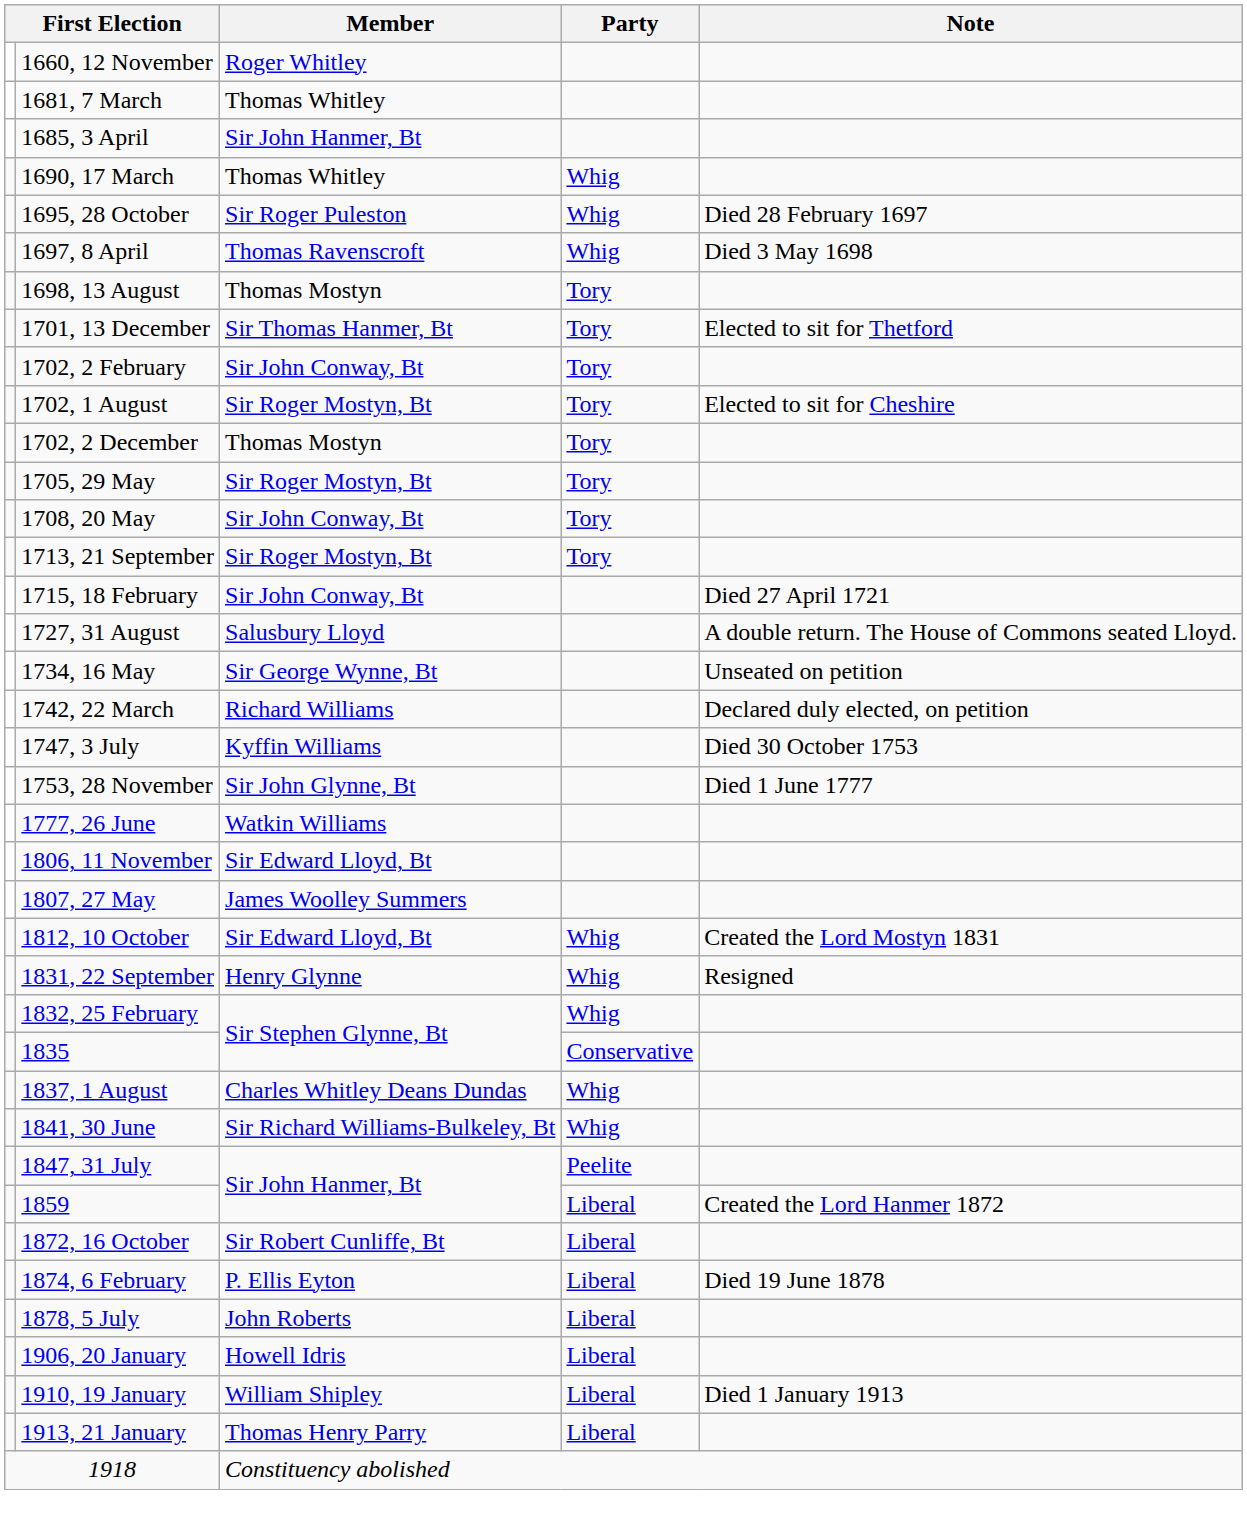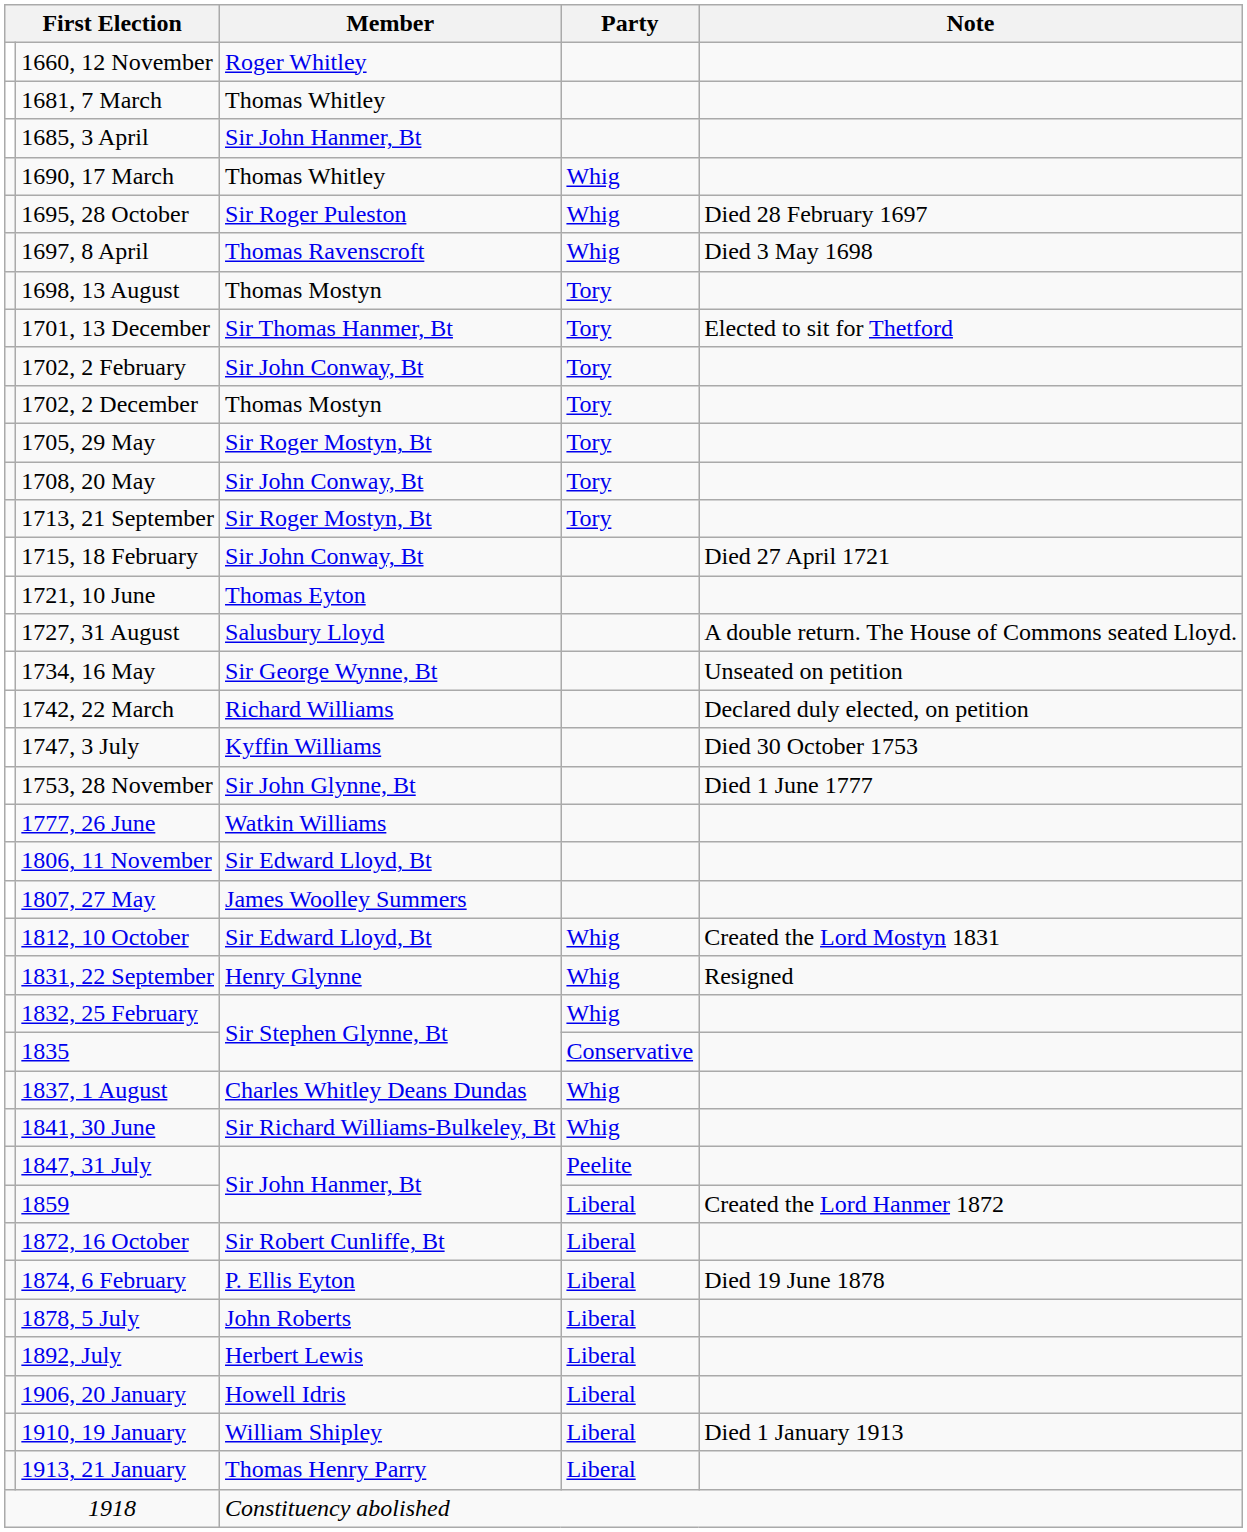 <table class="wikitable">
 <tr>
 <th colspan="2">First Election</th>
 <th>Member</th>
 <th>Party</th>
 <th>Note</th>
 </tr>
 <tr>
 <td style="color:inherit;background-color: white"></td>
 <td>1660, 12 November</td>
 <td><a href='#'>Roger Whitley</a></td>
 <td></td>
 <td></td>
 </tr>
 <tr>
 <td style="color:inherit;background-color: white"></td>
 <td>1681, 7 March</td>
 <td>Thomas Whitley</td>
 <td></td>
 <td></td>
 </tr>
 <tr>
 <td style="color:inherit;background-color: white"></td>
 <td>1685, 3 April</td>
 <td><a href='#'>Sir John Hanmer, Bt</a></td>
 <td></td>
 <td></td>
 </tr>
 <tr>
 <td style="color:inherit;background-color: "></td>
 <td>1690, 17 March</td>
 <td>Thomas Whitley</td>
 <td><a href='#'>Whig</a></td>
 <td></td>
 </tr>
 <tr>
 <td style="color:inherit;background-color: "></td>
 <td>1695, 28 October</td>
 <td><a href='#'>Sir Roger Puleston</a></td>
 <td><a href='#'>Whig</a></td>
 <td>Died 28 February 1697</td>
 </tr>
 <tr>
 <td style="color:inherit;background-color: "></td>
 <td>1697, 8 April</td>
 <td><a href='#'>Thomas Ravenscroft</a></td>
 <td><a href='#'>Whig</a></td>
 <td>Died 3 May 1698</td>
 </tr>
 <tr>
 <td style="color:inherit;background-color: "></td>
 <td>1698, 13 August</td>
 <td>Thomas Mostyn</td>
 <td><a href='#'>Tory</a></td>
 <td></td>
 </tr>
 <tr>
 <td style="color:inherit;background-color: "></td>
 <td>1701, 13 December</td>
 <td><a href='#'>Sir Thomas Hanmer, Bt</a></td>
 <td><a href='#'>Tory</a></td>
 <td>Elected to sit for <a href='#'>Thetford</a></td>
 </tr>
 <tr>
 <td style="color:inherit;background-color: "></td>
 <td>1702, 2 February</td>
 <td><a href='#'>Sir John Conway, Bt</a></td>
 <td><a href='#'>Tory</a></td>
 <td></td>
 </tr>
 <tr>
 <td style="color:inherit;background-color: "></td>
-<td>1702, 1 August</td>
-<td><a href='#'>Sir Roger Mostyn, Bt</a></td>
-<td><a href='#'>Tory</a></td>
-<td>Elected to sit for <a href='#'>Cheshire</a></td>
-</tr>
-<tr>
-<td style="color:inherit;background-color: "></td>
 <td>1702, 2 December</td>
 <td>Thomas Mostyn</td>
 <td><a href='#'>Tory</a></td>
 <td></td>
 </tr>
 <tr>
 <td style="color:inherit;background-color: "></td>
 <td>1705, 29 May</td>
 <td><a href='#'>Sir Roger Mostyn, Bt</a></td>
 <td><a href='#'>Tory</a></td>
 <td></td>
 </tr>
 <tr>
 <td style="color:inherit;background-color: "></td>
 <td>1708, 20 May</td>
 <td><a href='#'>Sir John Conway, Bt</a></td>
 <td><a href='#'>Tory</a></td>
 <td></td>
 </tr>
 <tr>
 <td style="color:inherit;background-color: "></td>
 <td>1713, 21 September</td>
 <td><a href='#'>Sir Roger Mostyn, Bt</a></td>
 <td><a href='#'>Tory</a></td>
 <td></td>
 </tr>
 <tr>
 <td style="color:inherit;background-color: white"></td>
 <td>1715, 18 February</td>
 <td><a href='#'>Sir John Conway, Bt</a></td>
 <td></td>
 <td>Died 27 April 1721</td>
+</tr>
+<tr>
+<td style="color:inherit;background-color: white"></td>
+<td>1721, 10 June</td>
+<td><a href='#'>Thomas Eyton</a></td>
+<td></td>
+<td></td>
 </tr>
 <tr>
 <td style="color:inherit;background-color: white"></td>
 <td>1727, 31 August</td>
 <td><a href='#'>Salusbury Lloyd</a></td>
 <td></td>
 <td>A double return. The House of Commons seated Lloyd.</td>
 </tr>
 <tr>
 <td style="color:inherit;background-color: white"></td>
 <td>1734, 16 May</td>
 <td><a href='#'>Sir George Wynne, Bt</a></td>
 <td></td>
 <td>Unseated on petition</td>
 </tr>
 <tr>
 <td style="color:inherit;background-color: white"></td>
 <td>1742, 22 March</td>
 <td><a href='#'>Richard Williams</a></td>
 <td></td>
 <td>Declared duly elected, on petition</td>
 </tr>
 <tr>
 <td style="color:inherit;background-color: white"></td>
 <td>1747, 3 July</td>
 <td><a href='#'>Kyffin Williams</a></td>
 <td></td>
 <td>Died 30 October 1753</td>
 </tr>
 <tr>
 <td style="color:inherit;background-color: white"></td>
 <td>1753, 28 November</td>
 <td><a href='#'>Sir John Glynne, Bt</a></td>
 <td></td>
 <td>Died 1 June 1777</td>
 </tr>
 <tr>
 <td style="color:inherit;background-color: white"></td>
 <td><a href='#'>1777, 26 June</a></td>
 <td><a href='#'>Watkin Williams</a></td>
 <td></td>
 <td></td>
 </tr>
 <tr>
 <td style="color:inherit;background-color: white"></td>
 <td><a href='#'>1806, 11 November</a></td>
 <td><a href='#'>Sir Edward Lloyd, Bt</a></td>
 <td></td>
 <td></td>
 </tr>
 <tr>
 <td style="color:inherit;background-color: white"></td>
 <td><a href='#'>1807, 27 May</a></td>
 <td><a href='#'>James Woolley Summers</a></td>
 <td></td>
 <td></td>
 </tr>
 <tr>
 <td style="color:inherit;background-color: "></td>
 <td><a href='#'>1812, 10 October</a></td>
 <td><a href='#'>Sir Edward Lloyd, Bt</a></td>
 <td><a href='#'>Whig</a></td>
 <td>Created the <a href='#'>Lord Mostyn</a> 1831</td>
 </tr>
 <tr>
 <td style="color:inherit;background-color: "></td>
 <td><a href='#'>1831, 22 September</a></td>
 <td><a href='#'>Henry Glynne</a></td>
 <td><a href='#'>Whig</a></td>
 <td>Resigned</td>
 </tr>
 <tr>
 <td style="color:inherit;background-color: "></td>
 <td><a href='#'>1832, 25 February</a></td>
 <td rowspan="2"><a href='#'>Sir Stephen Glynne, Bt</a></td>
 <td><a href='#'>Whig</a></td>
 <td></td>
 </tr>
 <tr>
 <td style="color:inherit;background-color: "></td>
 <td><a href='#'>1835</a></td>
 <td><a href='#'>Conservative</a></td>
 <td></td>
 </tr>
 <tr>
 <td style="color:inherit;background-color: "></td>
 <td><a href='#'>1837, 1 August</a></td>
 <td><a href='#'>Charles Whitley Deans Dundas</a></td>
 <td><a href='#'>Whig</a></td>
 <td></td>
 </tr>
 <tr>
 <td style="color:inherit;background-color: "></td>
 <td><a href='#'>1841, 30 June</a></td>
 <td><a href='#'>Sir Richard Williams-Bulkeley, Bt</a></td>
 <td><a href='#'>Whig</a></td>
 <td></td>
 </tr>
 <tr>
 <td style="color:inherit;background-color: "></td>
 <td><a href='#'>1847, 31 July</a></td>
 <td rowspan="2"><a href='#'>Sir John Hanmer, Bt</a></td>
 <td><a href='#'>Peelite</a></td>
 <td></td>
 </tr>
 <tr>
 <td style="color:inherit;background-color: "></td>
 <td><a href='#'>1859</a></td>
 <td><a href='#'>Liberal</a></td>
 <td>Created the <a href='#'>Lord Hanmer</a> 1872</td>
 </tr>
 <tr>
 <td style="color:inherit;background-color: "></td>
 <td><a href='#'>1872, 16 October</a></td>
 <td><a href='#'>Sir Robert Cunliffe, Bt</a></td>
 <td><a href='#'>Liberal</a></td>
 <td></td>
 </tr>
 <tr>
 <td style="color:inherit;background-color: "></td>
 <td><a href='#'>1874, 6 February</a></td>
 <td><a href='#'>P. Ellis Eyton</a></td>
 <td><a href='#'>Liberal</a></td>
 <td>Died 19 June 1878</td>
 </tr>
 <tr>
 <td style="color:inherit;background-color: "></td>
 <td><a href='#'>1878, 5 July</a></td>
 <td><a href='#'>John Roberts</a></td>
 <td><a href='#'>Liberal</a></td>
 <td></td>
 </tr>
 <tr>
 <td style="color:inherit;background-color: "></td>
+<td><a href='#'>1892, July</a></td>
+<td><a href='#'>Herbert Lewis</a></td>
+<td><a href='#'>Liberal</a></td>
+<td></td>
+</tr>
+<tr>
+<td style="color:inherit;background-color: "></td>
 <td><a href='#'>1906, 20 January</a></td>
 <td><a href='#'>Howell Idris</a></td>
 <td><a href='#'>Liberal</a></td>
 <td></td>
 </tr>
 <tr>
 <td style="color:inherit;background-color: "></td>
 <td><a href='#'>1910, 19 January</a></td>
 <td><a href='#'>William Shipley</a></td>
 <td><a href='#'>Liberal</a></td>
 <td>Died 1 January 1913</td>
 </tr>
 <tr>
 <td style="color:inherit;background-color: "></td>
 <td><a href='#'>1913, 21 January</a></td>
 <td><a href='#'>Thomas Henry Parry</a></td>
 <td><a href='#'>Liberal</a></td>
 <td></td>
 </tr>
 <tr>
 <td colspan="2" align="center"><em>1918</em></td>
 <td colspan="3"><em>Constituency abolished</em></td>
 </tr>
 </table>
